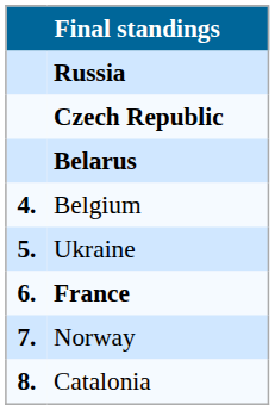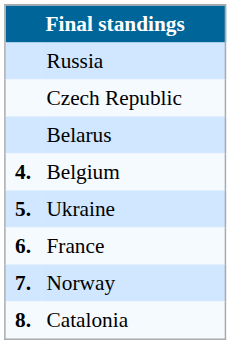 <table align=center cellpadding="4" cellspacing="0" style="background: #f9f9f9; border: 1px #aaa solid; border-collapse: collapse; font-size: 90%;" width=150>
 <tr align=center bgcolor=#006699 style="color:white;">
 <th width=100% colspan=2>Final standings</th>
 </tr>
 <tr align=center bgcolor=#D0E7FF>
 <td></td>
-<td align=left><strong> Russia</strong></td>
+<td align=left> Russia</td>
 </tr>
 <tr align=center bgcolor=#f5faff>
 <td></td>
-<td align=left><strong> Czech Republic</strong></td>
+<td align=left> Czech Republic</td>
 </tr>
 <tr align=center bgcolor=#D0E7FF>
 <td></td>
-<td align=left><strong> Belarus</strong></td>
+<td align=left> Belarus</td>
 </tr>
 <tr align=center bgcolor=#f5faff>
 <td><strong>4.</strong></td>
 <td align=left> Belgium</td>
 </tr>
 <tr align=center bgcolor=#D0E7FF>
 <td><strong>5.</strong></td>
 <td align=left> Ukraine</td>
 </tr>
 <tr align=center bgcolor=#f5faff>
 <td><strong>6.</strong></td>
-<td align=left><strong> France</strong></td>
+<td align=left> France</td>
 </tr>
 <tr align=center bgcolor=#D0E7FF>
 <td><strong>7.</strong></td>
 <td align=left> Norway</td>
 </tr>
 <tr align=center bgcolor=#f5faff>
 <td><strong>8.</strong></td>
 <td align=left> Catalonia</td>
 </tr>
 </table>
